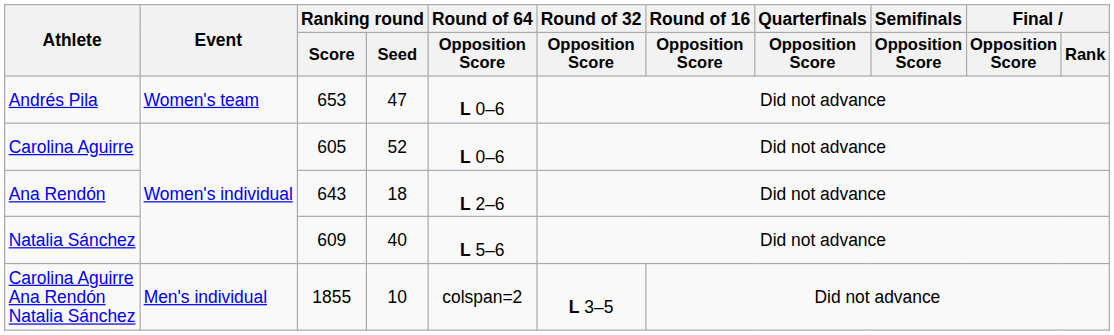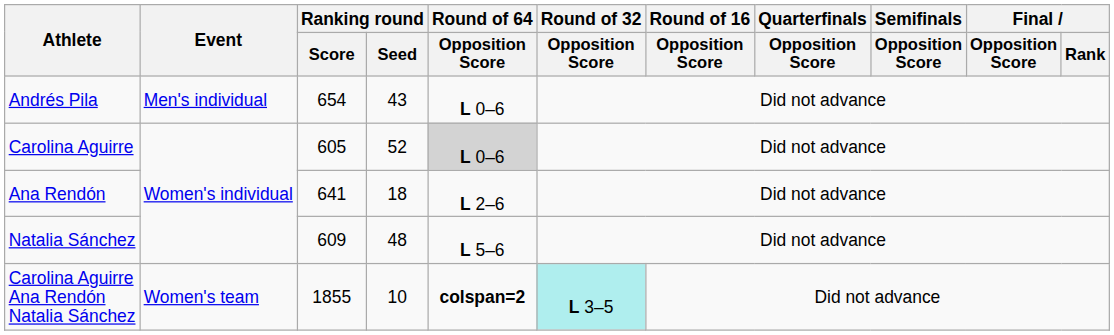 <table class="wikitable" style="font-size:90%">
 <tr>
 <th rowspan=2>Athlete</th>
 <th rowspan=2>Event</th>
 <th colspan="2">Ranking round</th>
 <th>Round of 64</th>
 <th>Round of 32</th>
 <th>Round of 16</th>
 <th>Quarterfinals</th>
 <th>Semifinals</th>
 <th colspan="2">Final / </th>
 </tr>
 <tr style="font-size:95%">
 <th>Score</th>
 <th>Seed</th>
 <th>Opposition<br>Score</th>
 <th>Opposition<br>Score</th>
 <th>Opposition<br>Score</th>
 <th>Opposition<br>Score</th>
 <th>Opposition<br>Score</th>
 <th>Opposition<br>Score</th>
 <th>Rank</th>
 </tr>
 <tr align=center>
 <td align=left><a href='#'>Andrés Pila</a></td>
-<td align=left><a href='#'>Women's team</a></td>
-<td>653</td>
-<td>47</td>
+<td align=left><a href='#'>Men's individual</a></td>
+<td>654</td>
+<td>43</td>
 <td><br><strong>L</strong> 0–6</td>
 <td colspan=6>Did not advance</td>
 </tr>
 <tr align=center>
 <td align=left><a href='#'>Carolina Aguirre</a></td>
 <td align=left rowspan=3><a href='#'>Women's individual</a></td>
 <td>605</td>
 <td>52</td>
-<td><br><strong>L</strong> 0–6</td>
+<td style="background: lightgrey;"><br><strong>L</strong> 0–6</td>
 <td colspan=6>Did not advance</td>
 </tr>
 <tr align=center>
 <td align=left><a href='#'>Ana Rendón</a></td>
-<td>643</td>
+<td>641</td>
 <td>18</td>
 <td><br><strong>L</strong> 2–6</td>
 <td colspan=6>Did not advance</td>
 </tr>
 <tr align=center>
 <td align=left><a href='#'>Natalia Sánchez</a></td>
 <td>609</td>
-<td>40</td>
+<td>48</td>
 <td><br><strong>L</strong> 5–6</td>
 <td colspan=6>Did not advance</td>
 </tr>
 <tr align=center>
 <td align=left><a href='#'>Carolina Aguirre</a><br><a href='#'>Ana Rendón</a><br><a href='#'>Natalia Sánchez</a></td>
-<td align=left><a href='#'>Men's individual</a></td>
+<td align=left><a href='#'>Women's team</a></td>
 <td>1855</td>
 <td>10</td>
-<td>colspan=2 </td>
-<td><br><strong>L</strong> 3–5</td>
+<td><strong>colspan=2 </strong></td>
+<td style="background: paleturquoise;"><br><strong>L</strong> 3–5</td>
 <td colspan="6">Did not advance</td>
 </tr>
 </table>
